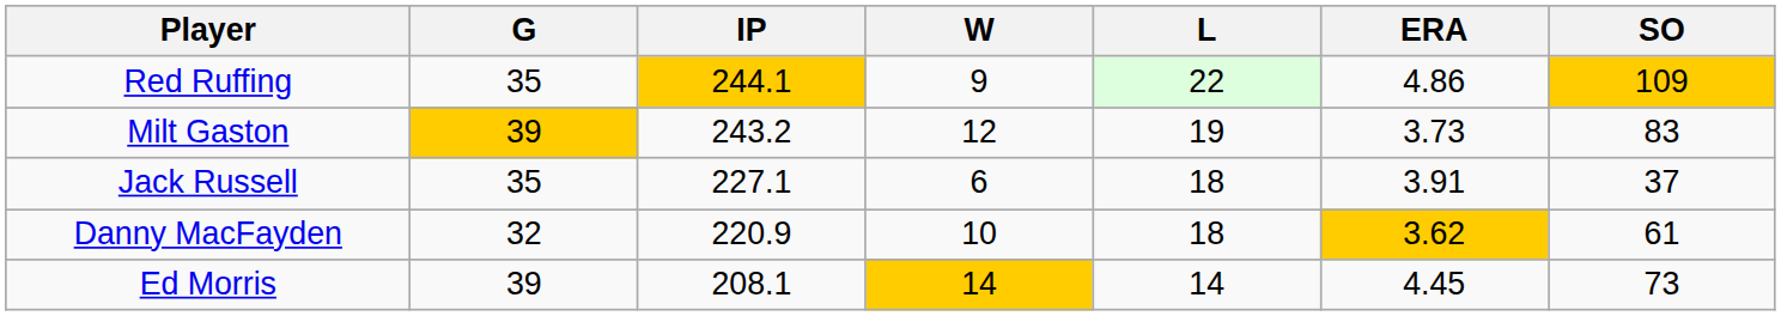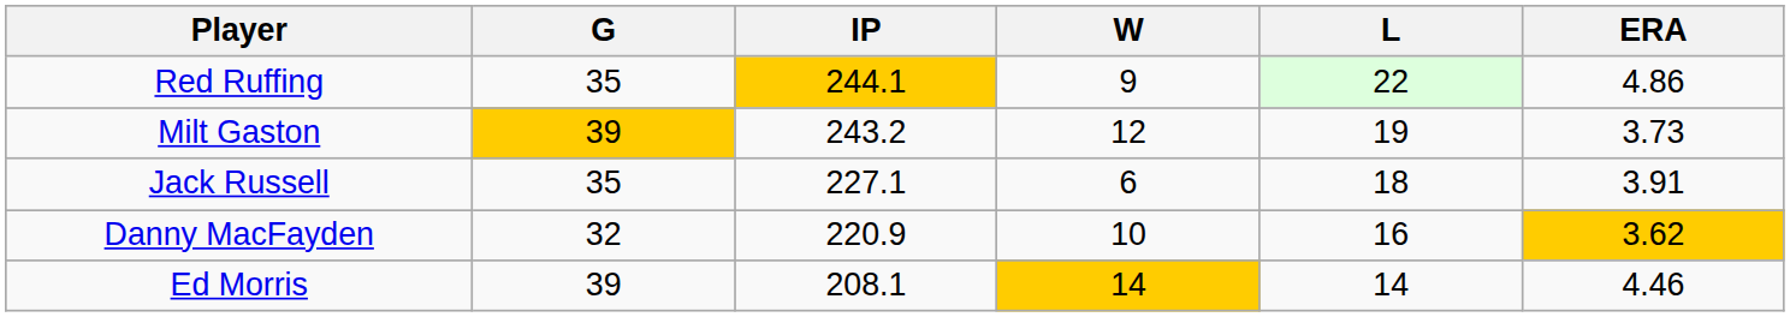 <table class="wikitable sortable">
 <tr>
 <th bgcolor="#DDDDFF" width="16%">Player</th>
 <th bgcolor="#DDDDFF" width="9%">G</th>
 <th bgcolor="#DDDDFF" width="9%">IP</th>
 <th bgcolor="#DDDDFF" width="9%">W</th>
 <th bgcolor="#DDDDFF" width="9%">L</th>
 <th bgcolor="#DDDDFF" width="9%">ERA</th>
-<th bgcolor="#DDDDFF" width="9%">SO</th>
 </tr>
 <tr align="center">
 <td><a href='#'>Red Ruffing</a></td>
 <td>35</td>
 <td style="background:#fc0;">244.1</td>
 <td>9</td>
 <td style="background:#DDFFDD;">22</td>
 <td>4.86</td>
-<td style="background:#fc0;">109</td>
 </tr>
 <tr align=center>
 <td><a href='#'>Milt Gaston</a></td>
 <td style="background:#fc0;">39</td>
 <td>243.2</td>
 <td>12</td>
 <td>19</td>
 <td>3.73</td>
-<td>83</td>
 </tr>
 <tr align=center>
 <td><a href='#'>Jack Russell</a></td>
 <td>35</td>
 <td>227.1</td>
 <td>6</td>
 <td>18</td>
 <td>3.91</td>
-<td>37</td>
 </tr>
 <tr align=center>
 <td><a href='#'>Danny MacFayden</a></td>
 <td>32</td>
 <td>220.9</td>
 <td>10</td>
-<td>18</td>
+<td>16</td>
 <td style="background:#fc0;">3.62</td>
-<td>61</td>
 </tr>
 <tr align=center>
 <td><a href='#'>Ed Morris</a></td>
 <td>39</td>
 <td>208.1</td>
 <td style="background:#fc0;">14</td>
 <td>14</td>
-<td>4.45</td>
-<td>73</td>
+<td>4.46</td>
 </tr>
 </table>
